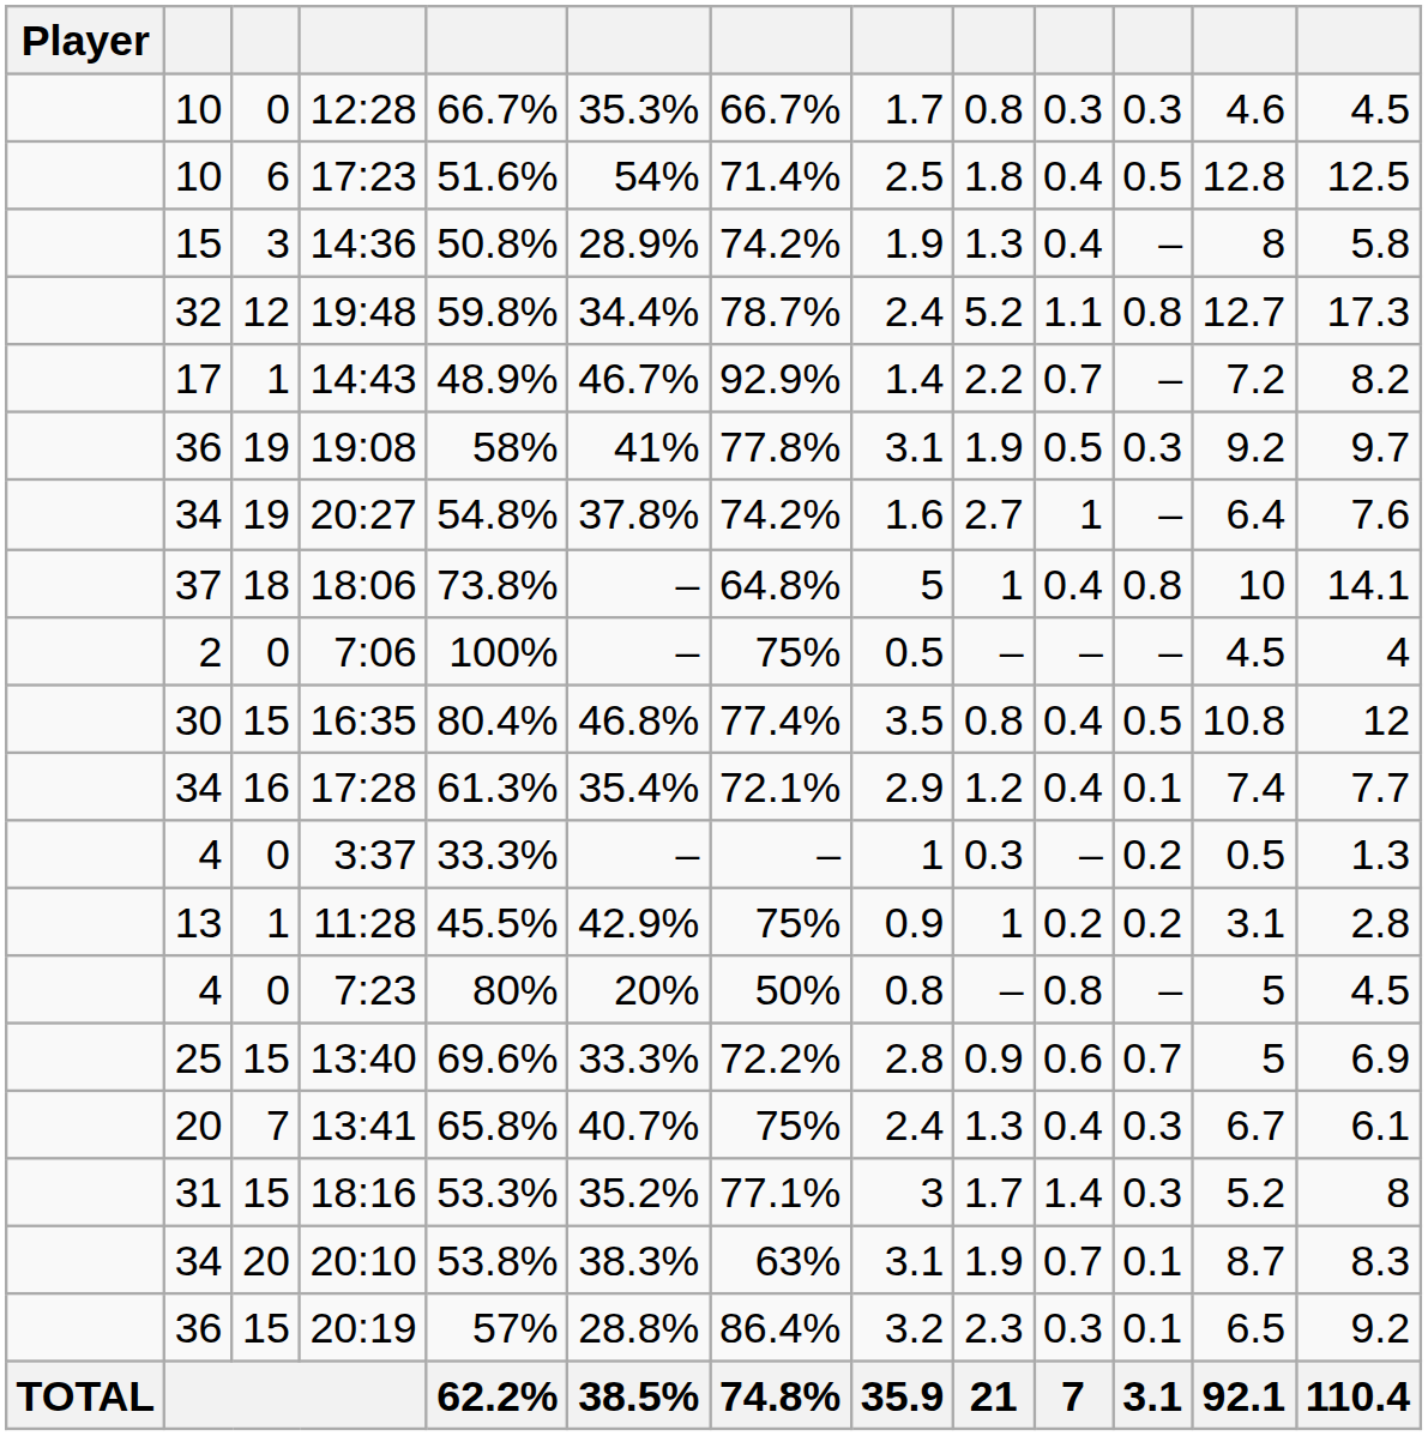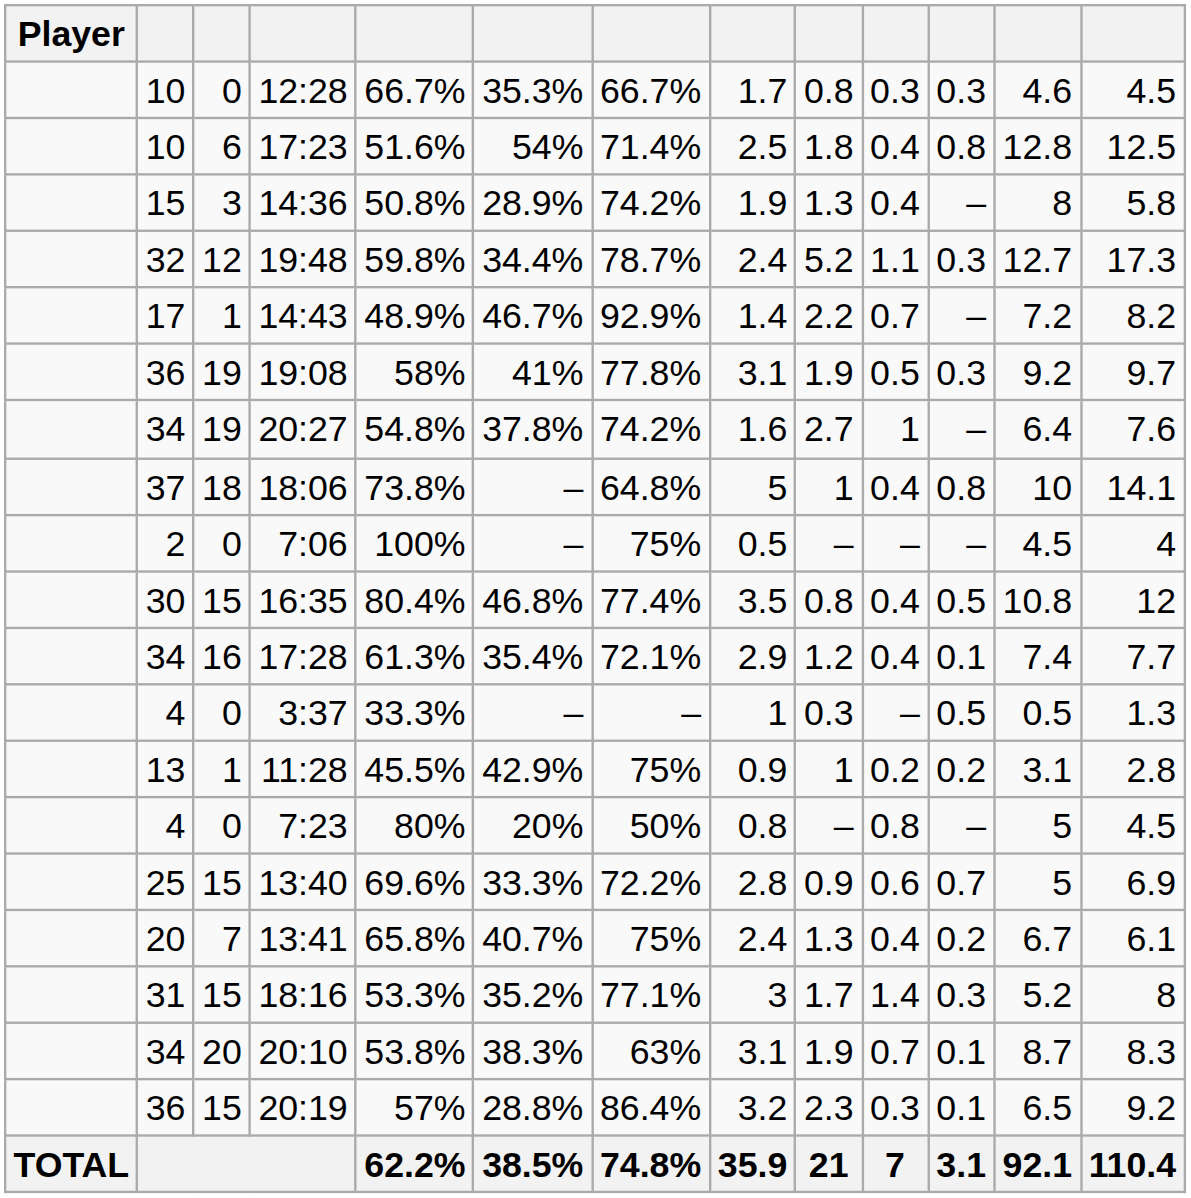 <table class="wikitable sortable" style="font-size:95%; text-align:right;">
 <tr>
 <th>Player</th>
 <th></th>
 <th></th>
 <th></th>
 <th></th>
 <th></th>
 <th></th>
 <th></th>
 <th></th>
 <th></th>
 <th></th>
 <th></th>
 <th></th>
 </tr>
 <tr>
 <td></td>
 <td>10</td>
 <td>0</td>
 <td>12:28</td>
 <td>66.7%</td>
 <td>35.3%</td>
 <td>66.7%</td>
 <td>1.7</td>
 <td>0.8</td>
 <td>0.3</td>
 <td>0.3</td>
 <td>4.6</td>
 <td>4.5</td>
 </tr>
 <tr>
 <td></td>
 <td>10</td>
 <td>6</td>
 <td>17:23</td>
 <td>51.6%</td>
 <td>54%</td>
 <td>71.4%</td>
 <td>2.5</td>
 <td>1.8</td>
 <td>0.4</td>
-<td>0.5</td>
+<td>0.8</td>
 <td>12.8</td>
 <td>12.5</td>
 </tr>
 <tr>
 <td></td>
 <td>15</td>
 <td>3</td>
 <td>14:36</td>
 <td>50.8%</td>
 <td>28.9%</td>
 <td>74.2%</td>
 <td>1.9</td>
 <td>1.3</td>
 <td>0.4</td>
 <td>–</td>
 <td>8</td>
 <td>5.8</td>
 </tr>
 <tr>
 <td></td>
 <td>32</td>
 <td>12</td>
 <td>19:48</td>
 <td>59.8%</td>
 <td>34.4%</td>
 <td>78.7%</td>
 <td>2.4</td>
 <td>5.2</td>
 <td>1.1</td>
-<td>0.8</td>
+<td>0.3</td>
 <td>12.7</td>
 <td>17.3</td>
 </tr>
 <tr>
 <td></td>
 <td>17</td>
 <td>1</td>
 <td>14:43</td>
 <td>48.9%</td>
 <td>46.7%</td>
 <td>92.9%</td>
 <td>1.4</td>
 <td>2.2</td>
 <td>0.7</td>
 <td>–</td>
 <td>7.2</td>
 <td>8.2</td>
 </tr>
 <tr>
 <td></td>
 <td>36</td>
 <td>19</td>
 <td>19:08</td>
 <td>58%</td>
 <td>41%</td>
 <td>77.8%</td>
 <td>3.1</td>
 <td>1.9</td>
 <td>0.5</td>
 <td>0.3</td>
 <td>9.2</td>
 <td>9.7</td>
 </tr>
 <tr>
 <td></td>
 <td>34</td>
 <td>19</td>
 <td>20:27</td>
 <td>54.8%</td>
 <td>37.8%</td>
 <td>74.2%</td>
 <td>1.6</td>
 <td>2.7</td>
 <td>1</td>
 <td>–</td>
 <td>6.4</td>
 <td>7.6</td>
 </tr>
 <tr>
 <td></td>
 <td>37</td>
 <td>18</td>
 <td>18:06</td>
 <td>73.8%</td>
 <td>–</td>
 <td>64.8%</td>
 <td>5</td>
 <td>1</td>
 <td>0.4</td>
 <td>0.8</td>
 <td>10</td>
 <td>14.1</td>
 </tr>
 <tr>
 <td></td>
 <td>2</td>
 <td>0</td>
 <td>7:06</td>
 <td>100%</td>
 <td>–</td>
 <td>75%</td>
 <td>0.5</td>
 <td>–</td>
 <td>–</td>
 <td>–</td>
 <td>4.5</td>
 <td>4</td>
 </tr>
 <tr>
 <td></td>
 <td>30</td>
 <td>15</td>
 <td>16:35</td>
 <td>80.4%</td>
 <td>46.8%</td>
 <td>77.4%</td>
 <td>3.5</td>
 <td>0.8</td>
 <td>0.4</td>
 <td>0.5</td>
 <td>10.8</td>
 <td>12</td>
 </tr>
 <tr>
 <td></td>
 <td>34</td>
 <td>16</td>
 <td>17:28</td>
 <td>61.3%</td>
 <td>35.4%</td>
 <td>72.1%</td>
 <td>2.9</td>
 <td>1.2</td>
 <td>0.4</td>
 <td>0.1</td>
 <td>7.4</td>
 <td>7.7</td>
 </tr>
 <tr>
 <td></td>
 <td>4</td>
 <td>0</td>
 <td>3:37</td>
 <td>33.3%</td>
 <td>–</td>
 <td>–</td>
 <td>1</td>
 <td>0.3</td>
 <td>–</td>
-<td>0.2</td>
+<td>0.5</td>
 <td>0.5</td>
 <td>1.3</td>
 </tr>
 <tr>
 <td></td>
 <td>13</td>
 <td>1</td>
 <td>11:28</td>
 <td>45.5%</td>
 <td>42.9%</td>
 <td>75%</td>
 <td>0.9</td>
 <td>1</td>
 <td>0.2</td>
 <td>0.2</td>
 <td>3.1</td>
 <td>2.8</td>
 </tr>
 <tr>
 <td></td>
 <td>4</td>
 <td>0</td>
 <td>7:23</td>
 <td>80%</td>
 <td>20%</td>
 <td>50%</td>
 <td>0.8</td>
 <td>–</td>
 <td>0.8</td>
 <td>–</td>
 <td>5</td>
 <td>4.5</td>
 </tr>
 <tr>
 <td></td>
 <td>25</td>
 <td>15</td>
 <td>13:40</td>
 <td>69.6%</td>
 <td>33.3%</td>
 <td>72.2%</td>
 <td>2.8</td>
 <td>0.9</td>
 <td>0.6</td>
 <td>0.7</td>
 <td>5</td>
 <td>6.9</td>
 </tr>
 <tr>
 <td></td>
 <td>20</td>
 <td>7</td>
 <td>13:41</td>
 <td>65.8%</td>
 <td>40.7%</td>
 <td>75%</td>
 <td>2.4</td>
 <td>1.3</td>
 <td>0.4</td>
-<td>0.3</td>
+<td>0.2</td>
 <td>6.7</td>
 <td>6.1</td>
 </tr>
 <tr>
 <td></td>
 <td>31</td>
 <td>15</td>
 <td>18:16</td>
 <td>53.3%</td>
 <td>35.2%</td>
 <td>77.1%</td>
 <td>3</td>
 <td>1.7</td>
 <td>1.4</td>
 <td>0.3</td>
 <td>5.2</td>
 <td>8</td>
 </tr>
 <tr>
 <td></td>
 <td>34</td>
 <td>20</td>
 <td>20:10</td>
 <td>53.8%</td>
 <td>38.3%</td>
 <td>63%</td>
 <td>3.1</td>
 <td>1.9</td>
 <td>0.7</td>
 <td>0.1</td>
 <td>8.7</td>
 <td>8.3</td>
 </tr>
 <tr>
 <td></td>
 <td>36</td>
 <td>15</td>
 <td>20:19</td>
 <td>57%</td>
 <td>28.8%</td>
 <td>86.4%</td>
 <td>3.2</td>
 <td>2.3</td>
 <td>0.3</td>
 <td>0.1</td>
 <td>6.5</td>
 <td>9.2</td>
 </tr>
 <tr>
 <th align=center>TOTAL</th>
 <th colspan=3></th>
 <th>62.2%</th>
 <th>38.5%</th>
 <th>74.8%</th>
 <th>35.9</th>
 <th>21</th>
 <th>7</th>
 <th>3.1</th>
 <th>92.1</th>
 <th>110.4</th>
 </tr>
 </table>
